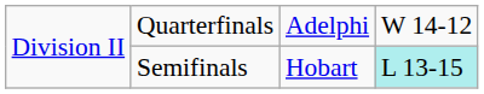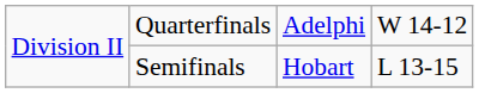 <table class="wikitable">
 <tr>
 <td rowspan="2"><a href='#'>Division II</a></td>
 <td>Quarterfinals</td>
 <td><a href='#'>Adelphi</a></td>
 <td>W 14-12</td>
 </tr>
 <tr>
 <td>Semifinals</td>
 <td><a href='#'>Hobart</a></td>
-<td style="background: paleturquoise;">L 13-15</td>
+<td>L 13-15</td>
 </tr>
 </table>
